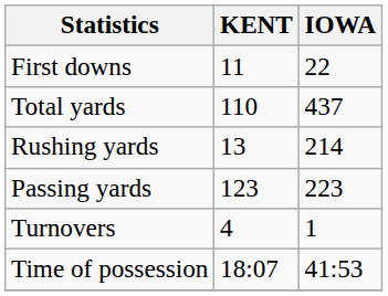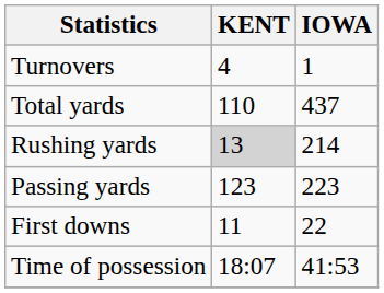 <table class="wikitable">
 <tr>
 <th>Statistics</th>
 <th>KENT</th>
 <th>IOWA</th>
 </tr>
 <tr>
-<td>First downs</td>
-<td>11</td>
-<td>22</td>
+<td>Turnovers</td>
+<td>4</td>
+<td>1</td>
 </tr>
 <tr>
 <td>Total yards</td>
 <td>110</td>
 <td>437</td>
 </tr>
 <tr>
 <td>Rushing yards</td>
-<td>13</td>
+<td style="background: lightgrey;">13</td>
 <td>214</td>
 </tr>
 <tr>
 <td>Passing yards</td>
 <td>123</td>
 <td>223</td>
 </tr>
 <tr>
-<td>Turnovers</td>
-<td>4</td>
-<td>1</td>
+<td>First downs</td>
+<td>11</td>
+<td>22</td>
 </tr>
 <tr>
 <td>Time of possession</td>
 <td>18:07</td>
 <td>41:53</td>
 </tr>
 <tr>
 </tr>
 </table>
